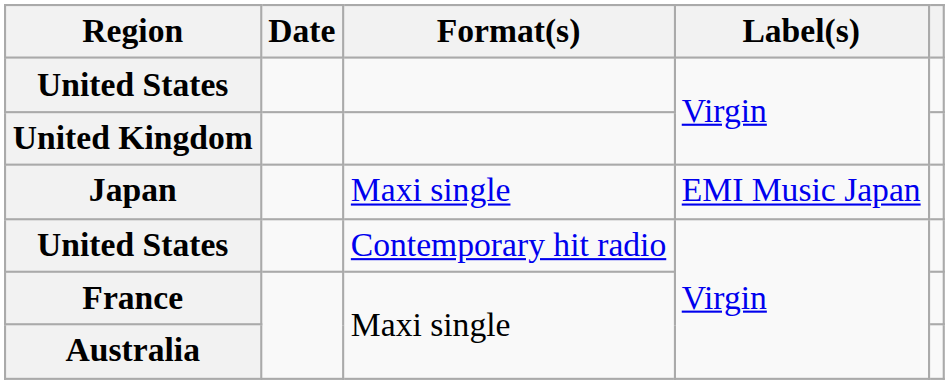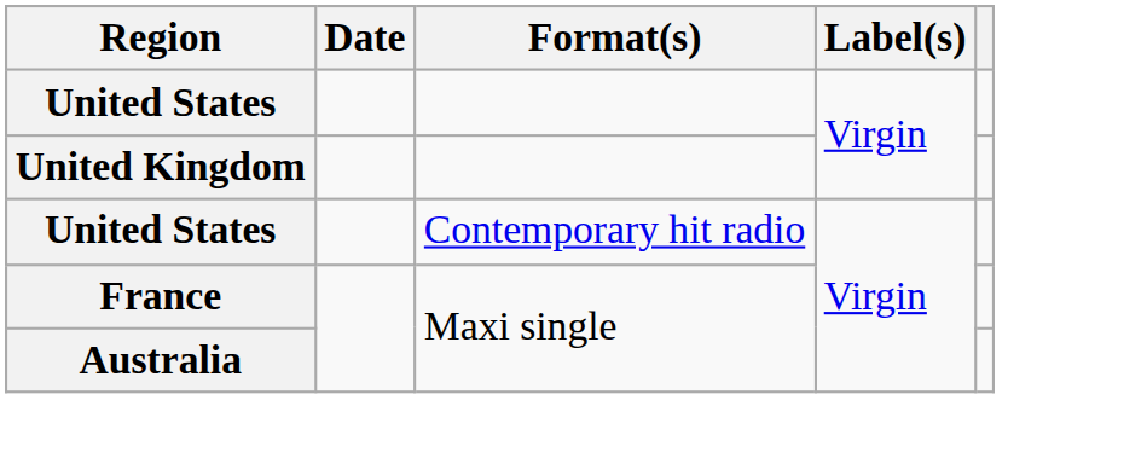 <table class="wikitable plainrowheaders">
 <tr>
 <th scope="col">Region</th>
 <th scope="col">Date</th>
 <th scope="col">Format(s)</th>
 <th scope="col">Label(s)</th>
 <th scope="col"></th>
 </tr>
 <tr>
 <th scope="row">United States</th>
 <td></td>
 <td></td>
 <td rowspan="2"><a href='#'>Virgin</a></td>
 <td></td>
 </tr>
 <tr>
 <th scope="row">United Kingdom</th>
 <td></td>
 <td></td>
 <td></td>
 </tr>
 <tr>
-<th scope="row">Japan</th>
-<td></td>
-<td><a href='#'>Maxi single</a></td>
-<td><a href='#'>EMI Music Japan</a></td>
-<td></td>
-</tr>
-<tr>
 <th scope="row">United States</th>
 <td></td>
 <td><a href='#'>Contemporary hit radio</a></td>
 <td rowspan="3"><a href='#'>Virgin</a></td>
 <td></td>
 </tr>
 <tr>
 <th scope="row">France</th>
 <td rowspan="2"></td>
 <td rowspan="2">Maxi single</td>
 <td></td>
 </tr>
 <tr>
 <th scope="row">Australia</th>
 <td></td>
 </tr>
 </table>
